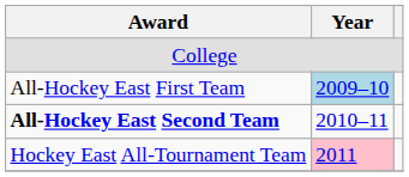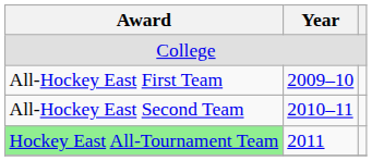 <table class="wikitable">
 <tr>
 <th>Award</th>
 <th>Year</th>
 <th></th>
 </tr>
 <tr ALIGN="center" bgcolor="#e0e0e0">
 <td colspan="3"><a href='#'>College</a></td>
 </tr>
 <tr>
 <td>All-<a href='#'>Hockey East</a> <a href='#'>First Team</a></td>
-<td style="background: lightblue;"><a href='#'>2009–10</a></td>
+<td><a href='#'>2009–10</a></td>
 <td></td>
 </tr>
 <tr>
-<td><strong>All-<a href='#'>Hockey East</a> <a href='#'>Second Team</a></strong></td>
+<td>All-<a href='#'>Hockey East</a> <a href='#'>Second Team</a></td>
 <td><a href='#'>2010–11</a></td>
 <td></td>
 </tr>
 <tr>
-<td><a href='#'>Hockey East</a> <a href='#'>All-Tournament Team</a></td>
-<td style="background: pink;"><a href='#'>2011</a></td>
+<td style="background: lightgreen;"><a href='#'>Hockey East</a> <a href='#'>All-Tournament Team</a></td>
+<td><a href='#'>2011</a></td>
 <td></td>
 </tr>
 <tr>
 </tr>
 </table>
